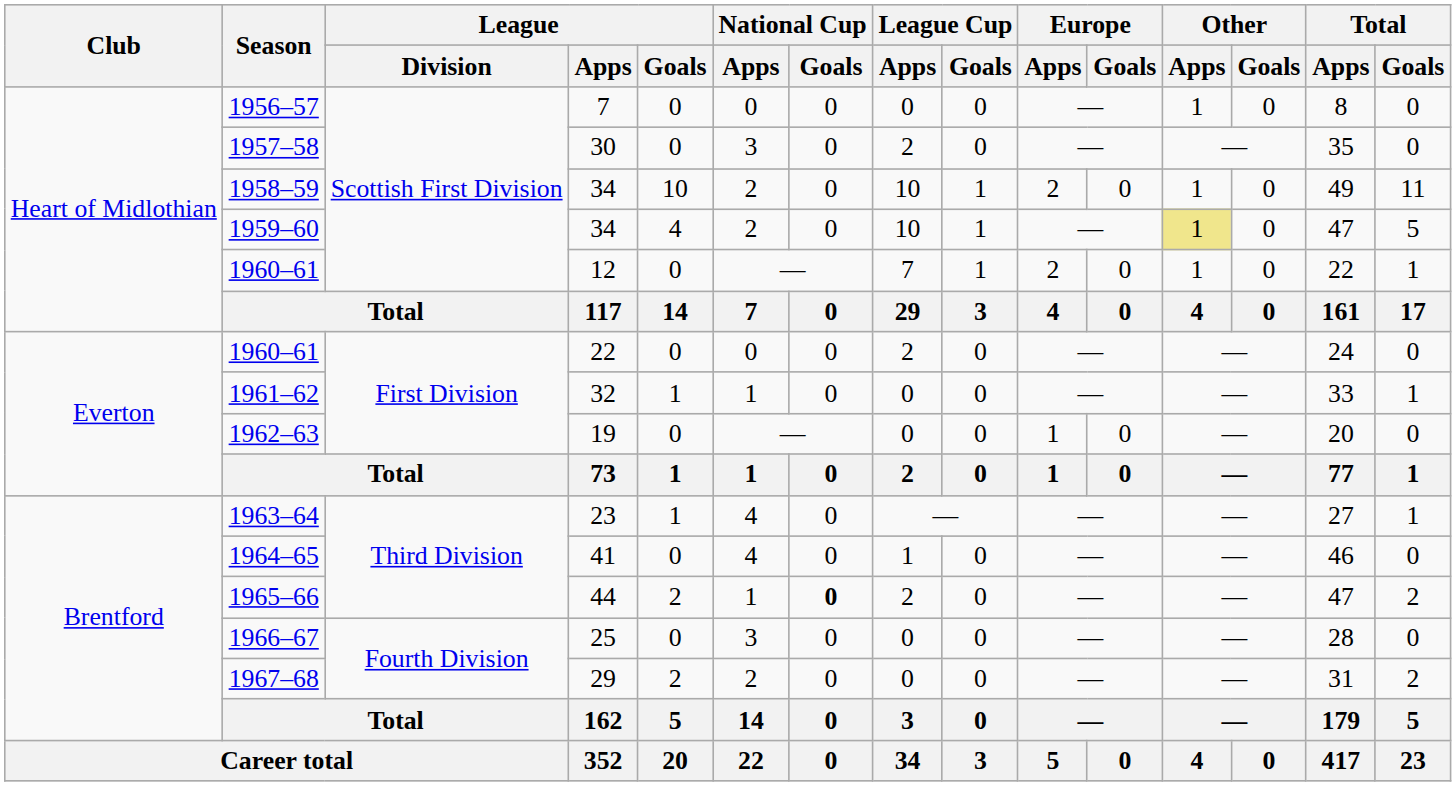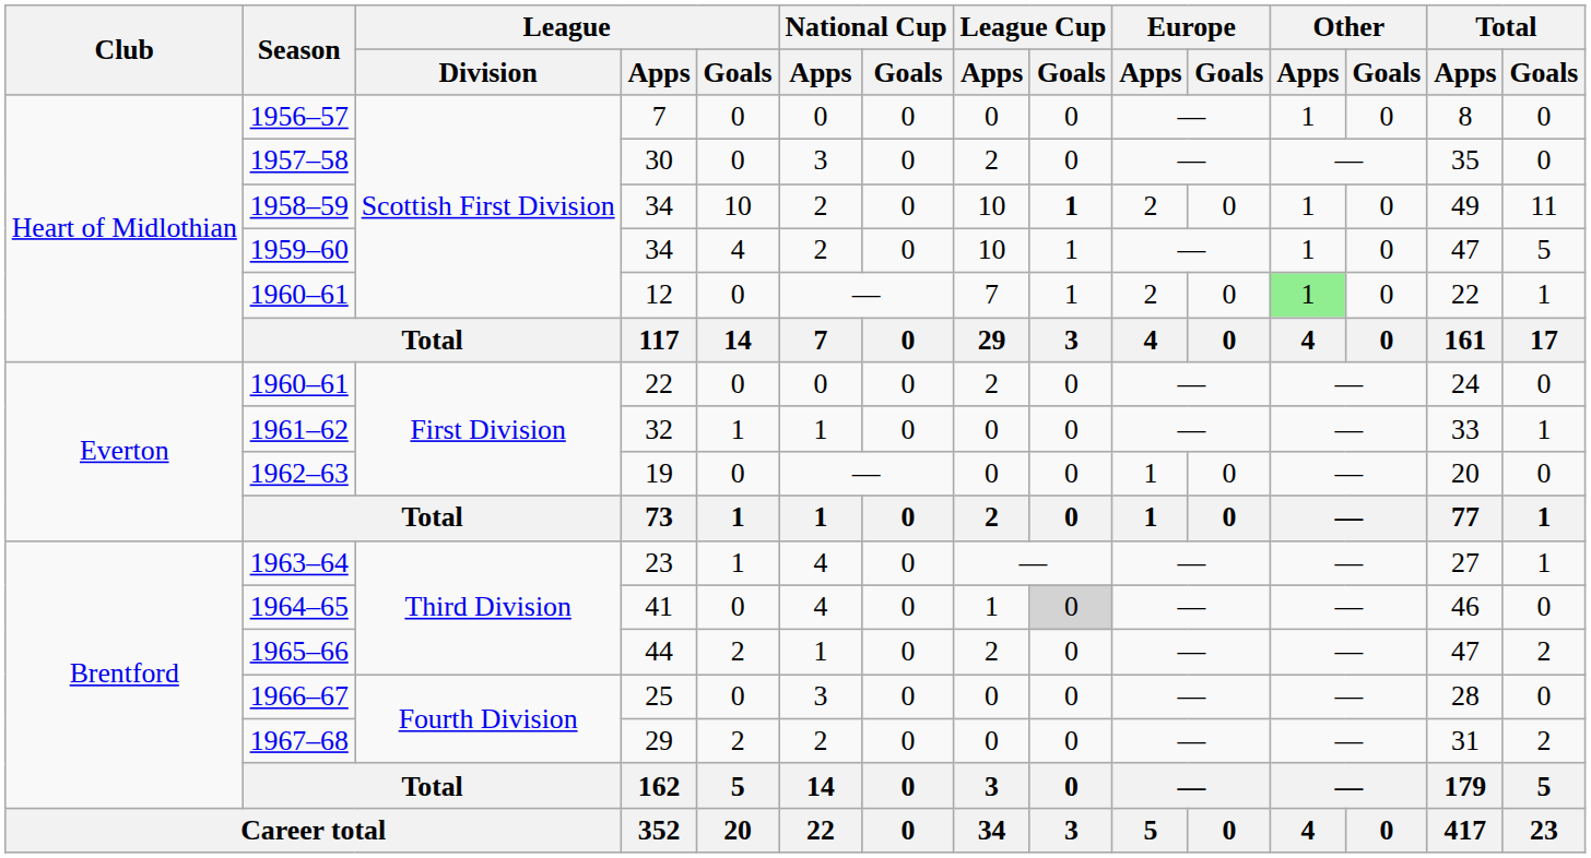 <table class="wikitable" style="text-align: center;">
 <tr>
 <th rowspan="2">Club</th>
 <th rowspan="2">Season</th>
 <th colspan="3">League</th>
 <th colspan="2">National Cup</th>
 <th colspan="2">League Cup</th>
 <th colspan="2">Europe</th>
 <th colspan="2">Other</th>
 <th colspan="2">Total</th>
 </tr>
 <tr>
 <th>Division</th>
 <th>Apps</th>
 <th>Goals</th>
 <th>Apps</th>
 <th>Goals</th>
 <th>Apps</th>
 <th>Goals</th>
 <th>Apps</th>
 <th>Goals</th>
 <th>Apps</th>
 <th>Goals</th>
 <th>Apps</th>
 <th>Goals</th>
 </tr>
 <tr>
 <td rowspan="6"><a href='#'>Heart of Midlothian</a></td>
 <td><a href='#'>1956–57</a></td>
 <td rowspan="5"><a href='#'>Scottish First Division</a></td>
 <td>7</td>
 <td>0</td>
 <td>0</td>
 <td>0</td>
 <td>0</td>
 <td>0</td>
 <td colspan="2">—</td>
 <td>1</td>
 <td>0</td>
 <td>8</td>
 <td>0</td>
 </tr>
 <tr>
 <td><a href='#'>1957–58</a></td>
 <td>30</td>
 <td>0</td>
 <td>3</td>
 <td>0</td>
 <td>2</td>
 <td>0</td>
 <td colspan="2">—</td>
 <td colspan="2">—</td>
 <td>35</td>
 <td>0</td>
 </tr>
 <tr>
 <td><a href='#'>1958–59</a></td>
 <td>34</td>
 <td>10</td>
 <td>2</td>
 <td>0</td>
 <td>10</td>
-<td>1</td>
+<td><strong>1</strong></td>
 <td>2</td>
 <td>0</td>
 <td>1</td>
 <td>0</td>
 <td>49</td>
 <td>11</td>
 </tr>
 <tr>
 <td><a href='#'>1959–60</a></td>
 <td>34</td>
 <td>4</td>
 <td>2</td>
 <td>0</td>
 <td>10</td>
 <td>1</td>
 <td colspan="2">—</td>
-<td style="background: khaki;">1</td>
+<td>1</td>
 <td>0</td>
 <td>47</td>
 <td>5</td>
 </tr>
 <tr>
 <td><a href='#'>1960–61</a></td>
 <td>12</td>
 <td>0</td>
 <td colspan="2">—</td>
 <td>7</td>
 <td>1</td>
 <td>2</td>
 <td>0</td>
-<td>1</td>
+<td style="background: lightgreen;">1</td>
 <td>0</td>
 <td>22</td>
 <td>1</td>
 </tr>
 <tr>
 <th colspan="2">Total</th>
 <th>117</th>
 <th>14</th>
 <th>7</th>
 <th>0</th>
 <th>29</th>
 <th>3</th>
 <th>4</th>
 <th>0</th>
 <th>4</th>
 <th>0</th>
 <th>161</th>
 <th>17</th>
 </tr>
 <tr>
 <td rowspan="4"><a href='#'>Everton</a></td>
 <td><a href='#'>1960–61</a></td>
 <td rowspan="3"><a href='#'>First Division</a></td>
 <td>22</td>
 <td>0</td>
 <td>0</td>
 <td>0</td>
 <td>2</td>
 <td>0</td>
 <td colspan="2">—</td>
 <td colspan="2">—</td>
 <td>24</td>
 <td>0</td>
 </tr>
 <tr>
 <td><a href='#'>1961–62</a></td>
 <td>32</td>
 <td>1</td>
 <td>1</td>
 <td>0</td>
 <td>0</td>
 <td>0</td>
 <td colspan="2">—</td>
 <td colspan="2">—</td>
 <td>33</td>
 <td>1</td>
 </tr>
 <tr>
 <td><a href='#'>1962–63</a></td>
 <td>19</td>
 <td>0</td>
 <td colspan="2">—</td>
 <td>0</td>
 <td>0</td>
 <td>1</td>
 <td>0</td>
 <td colspan="2">—</td>
 <td>20</td>
 <td>0</td>
 </tr>
 <tr>
 <th colspan="2">Total</th>
 <th>73</th>
 <th>1</th>
 <th>1</th>
 <th>0</th>
 <th>2</th>
 <th>0</th>
 <th>1</th>
 <th>0</th>
 <th colspan="2">—</th>
 <th>77</th>
 <th>1</th>
 </tr>
 <tr>
 <td rowspan="6"><a href='#'>Brentford</a></td>
 <td><a href='#'>1963–64</a></td>
 <td rowspan="3"><a href='#'>Third Division</a></td>
 <td>23</td>
 <td>1</td>
 <td>4</td>
 <td>0</td>
 <td colspan="2">—</td>
 <td colspan="2">—</td>
 <td colspan="2">—</td>
 <td>27</td>
 <td>1</td>
 </tr>
 <tr>
 <td><a href='#'>1964–65</a></td>
 <td>41</td>
 <td>0</td>
 <td>4</td>
 <td>0</td>
 <td>1</td>
-<td>0</td>
+<td style="background: lightgrey;">0</td>
 <td colspan="2">—</td>
 <td colspan="2">—</td>
 <td>46</td>
 <td>0</td>
 </tr>
 <tr>
 <td><a href='#'>1965–66</a></td>
 <td>44</td>
 <td>2</td>
 <td>1</td>
-<td><strong>0</strong></td>
+<td>0</td>
 <td>2</td>
 <td>0</td>
 <td colspan="2">—</td>
 <td colspan="2">—</td>
 <td>47</td>
 <td>2</td>
 </tr>
 <tr>
 <td><a href='#'>1966–67</a></td>
 <td rowspan="2"><a href='#'>Fourth Division</a></td>
 <td>25</td>
 <td>0</td>
 <td>3</td>
 <td>0</td>
 <td>0</td>
 <td>0</td>
 <td colspan="2">—</td>
 <td colspan="2">—</td>
 <td>28</td>
 <td>0</td>
 </tr>
 <tr>
 <td><a href='#'>1967–68</a></td>
 <td>29</td>
 <td>2</td>
 <td>2</td>
 <td>0</td>
 <td>0</td>
 <td>0</td>
 <td colspan="2">—</td>
 <td colspan="2">—</td>
 <td>31</td>
 <td>2</td>
 </tr>
 <tr>
 <th colspan="2">Total</th>
 <th>162</th>
 <th>5</th>
 <th>14</th>
 <th>0</th>
 <th>3</th>
 <th>0</th>
 <th colspan="2">—</th>
 <th colspan="2">—</th>
 <th>179</th>
 <th>5</th>
 </tr>
 <tr>
 <th colspan="3">Career total</th>
 <th>352</th>
 <th>20</th>
 <th>22</th>
 <th>0</th>
 <th>34</th>
 <th>3</th>
 <th>5</th>
 <th>0</th>
 <th>4</th>
 <th>0</th>
 <th>417</th>
 <th>23</th>
 </tr>
 </table>
